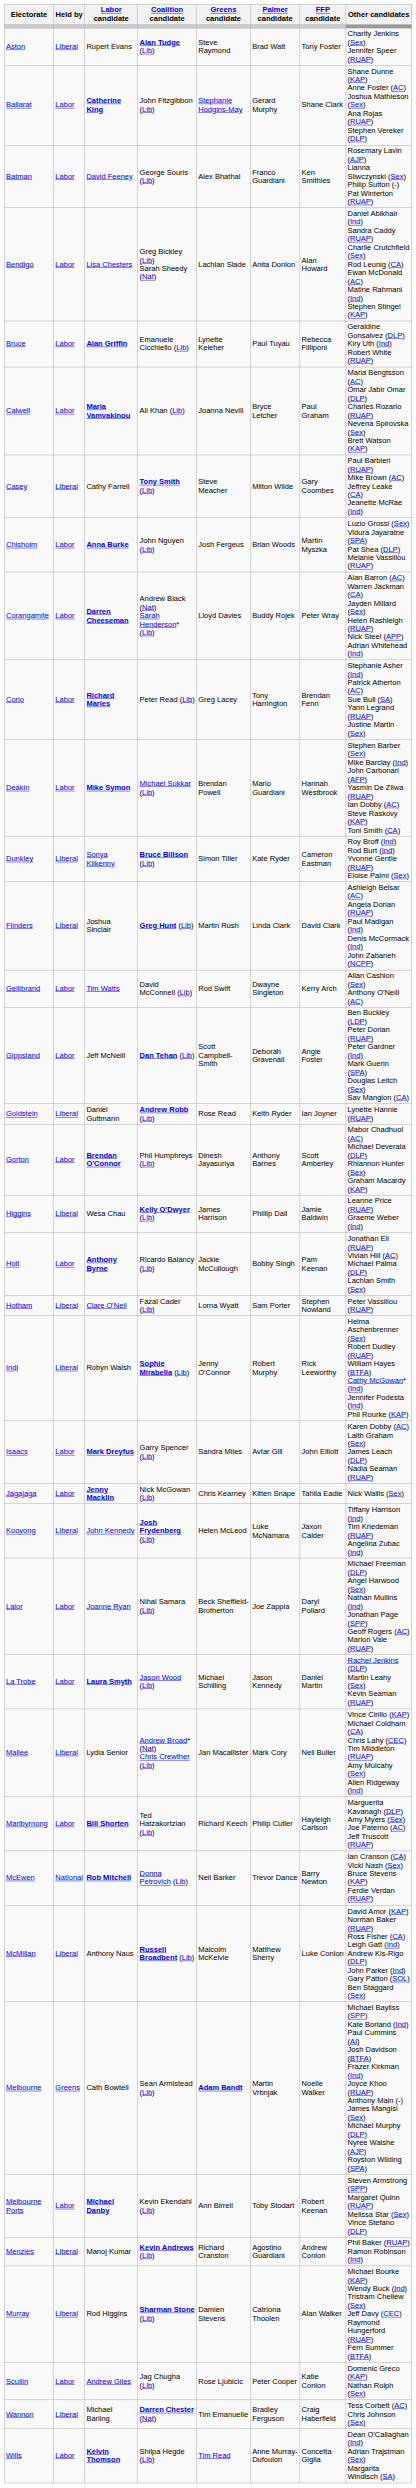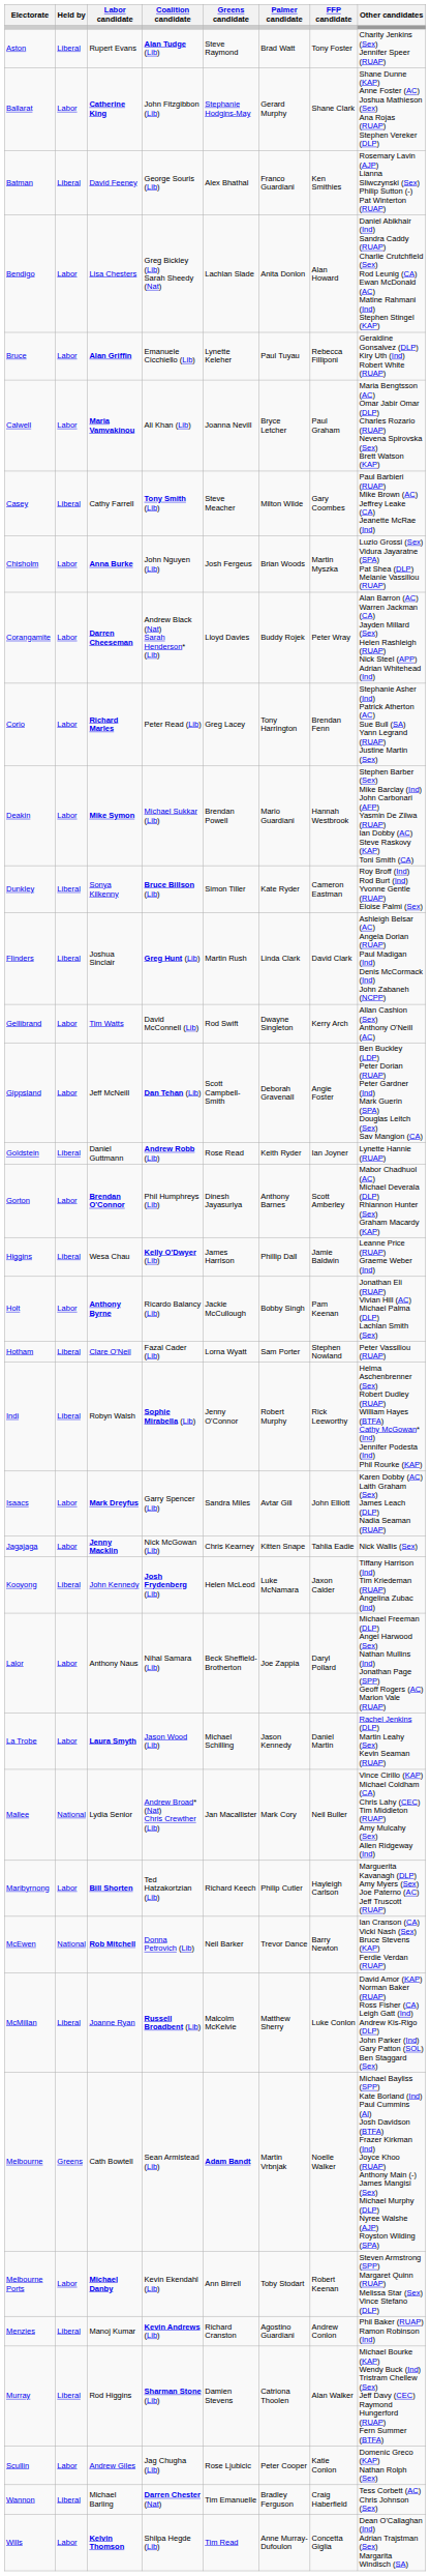 <table class="wikitable">
 <tr>
 <th>Electorate</th>
 <th>Held by</th>
 <th><a href='#'>Labor</a> candidate</th>
 <th><a href='#'>Coalition</a> candidate</th>
 <th><a href='#'>Greens</a> candidate</th>
 <th><a href='#'>Palmer</a> candidate</th>
 <th><a href='#'>FFP</a> candidate</th>
 <th>Other candidates</th>
 </tr>
 <tr style="background:#ccc;">
 <td></td>
 <td></td>
 <td></td>
 <td></td>
 <td></td>
 <td></td>
 <td></td>
 <td style="background:#999;"></td>
 </tr>
 <tr>
 <td><a href='#'>Aston</a></td>
 <td><a href='#'>Liberal</a></td>
 <td>Rupert Evans</td>
 <td><strong><a href='#'>Alan Tudge</a></strong> (<a href='#'>Lib</a>)</td>
 <td>Steve Raymond</td>
 <td>Brad Watt</td>
 <td>Tony Foster</td>
 <td>Charity Jenkins (<a href='#'>Sex</a>) <br> Jennifer Speer (<a href='#'>RUAP</a>)</td>
 </tr>
 <tr>
 <td><a href='#'>Ballarat</a></td>
 <td><a href='#'>Labor</a></td>
 <td><strong><a href='#'>Catherine King</a></strong></td>
 <td>John Fitzgibbon (<a href='#'>Lib</a>)</td>
 <td><a href='#'>Stephanie Hodgins-May</a></td>
 <td>Gerard Murphy</td>
 <td>Shane Clark</td>
 <td>Shane Dunne (<a href='#'>KAP</a>) <br> Anne Foster (<a href='#'>AC</a>) <br> Joshua Mathieson (<a href='#'>Sex</a>) <br> Ana Rojas (<a href='#'>RUAP</a>) <br> Stephen Vereker (<a href='#'>DLP</a>)</td>
 </tr>
 <tr>
 <td><a href='#'>Batman</a></td>
-<td><a href='#'>Labor</a></td>
+<td><a href='#'>Liberal</a></td>
 <td><a href='#'>David Feeney</a></td>
 <td>George Souris (<a href='#'>Lib</a>)</td>
 <td>Alex Bhathal</td>
 <td>Franco Guardiani</td>
 <td>Ken Smithies</td>
 <td>Rosemary Lavin (<a href='#'>AJP</a>) <br> Lianna Sliwczynski (<a href='#'>Sex</a>) <br> Philip Sutton (-) <br> Pat Winterton (<a href='#'>RUAP</a>)</td>
 </tr>
 <tr>
 <td><a href='#'>Bendigo</a></td>
 <td><a href='#'>Labor</a></td>
 <td><a href='#'>Lisa Chesters</a></td>
 <td>Greg Bickley (<a href='#'>Lib</a>) <br> Sarah Sheedy (<a href='#'>Nat</a>)</td>
 <td>Lachlan Slade</td>
 <td>Anita Donlon</td>
 <td>Alan Howard</td>
 <td>Daniel Abikhair (<a href='#'>Ind</a>) <br> Sandra Caddy (<a href='#'>RUAP</a>) <br> Charlie Crutchfield (<a href='#'>Sex</a>) <br> Rod Leunig (<a href='#'>CA</a>) <br> Ewan McDonald (<a href='#'>AC</a>) <br> Matine Rahmani (<a href='#'>Ind</a>) <br> Stephen Stingel (<a href='#'>KAP</a>)</td>
 </tr>
 <tr>
 <td><a href='#'>Bruce</a></td>
 <td><a href='#'>Labor</a></td>
 <td><strong><a href='#'>Alan Griffin</a></strong></td>
 <td>Emanuele Cicchiello (<a href='#'>Lib</a>)</td>
 <td>Lynette Keleher</td>
 <td>Paul Tuyau</td>
 <td>Rebecca Filliponi</td>
 <td>Geraldine Gonsalvez (<a href='#'>DLP</a>) <br> Kiry Uth (<a href='#'>Ind</a>) <br> Robert White (<a href='#'>RUAP</a>)</td>
 </tr>
 <tr>
 <td><a href='#'>Calwell</a></td>
 <td><a href='#'>Labor</a></td>
 <td><strong><a href='#'>Maria Vamvakinou</a></strong></td>
 <td>Ali Khan (<a href='#'>Lib</a>)</td>
 <td>Joanna Nevill</td>
 <td>Bryce Letcher</td>
 <td>Paul Graham</td>
 <td>Maria Bengtsson (<a href='#'>AC</a>) <br> Omar Jabir Omar (<a href='#'>DLP</a>) <br> Charles Rozario (<a href='#'>RUAP</a>) <br> Nevena Spirovska (<a href='#'>Sex</a>) <br> Brett Watson (<a href='#'>KAP</a>)</td>
 </tr>
 <tr>
 <td><a href='#'>Casey</a></td>
 <td><a href='#'>Liberal</a></td>
 <td>Cathy Farrell</td>
 <td><strong><a href='#'>Tony Smith</a></strong> (<a href='#'>Lib</a>)</td>
 <td>Steve Meacher</td>
 <td>Milton Wilde</td>
 <td>Gary Coombes</td>
 <td>Paul Barbieri (<a href='#'>RUAP</a>) <br> Mike Brown (<a href='#'>AC</a>) <br> Jeffrey Leake (<a href='#'>CA</a>) <br> Jeanette McRae (<a href='#'>Ind</a>)</td>
 </tr>
 <tr>
 <td><a href='#'>Chisholm</a></td>
 <td><a href='#'>Labor</a></td>
 <td><strong><a href='#'>Anna Burke</a></strong></td>
 <td>John Nguyen (<a href='#'>Lib</a>)</td>
 <td>Josh Fergeus</td>
 <td>Brian Woods</td>
 <td>Martin Myszka</td>
 <td>Luzio Grossi (<a href='#'>Sex</a>) <br> Vidura Jayaratne (<a href='#'>SPA</a>) <br> Pat Shea (<a href='#'>DLP</a>) <br> Melanie Vassiliou (<a href='#'>RUAP</a>)</td>
 </tr>
 <tr>
 <td><a href='#'>Corangamite</a></td>
 <td><a href='#'>Labor</a></td>
 <td><strong><a href='#'>Darren Cheeseman</a></strong></td>
 <td>Andrew Black (<a href='#'>Nat</a>) <br> <a href='#'>Sarah Henderson</a>* (<a href='#'>Lib</a>)</td>
 <td>Lloyd Davies</td>
 <td>Buddy Rojek</td>
 <td>Peter Wray</td>
 <td>Alan Barron (<a href='#'>AC</a>) <br> Warren Jackman (<a href='#'>CA</a>) <br> Jayden Millard (<a href='#'>Sex</a>) <br> Helen Rashleigh (<a href='#'>RUAP</a>) <br> Nick Steel (<a href='#'>APP</a>) <br> Adrian Whitehead (<a href='#'>Ind</a>)</td>
 </tr>
 <tr>
 <td><a href='#'>Corio</a></td>
 <td><a href='#'>Labor</a></td>
 <td><strong><a href='#'>Richard Marles</a></strong></td>
 <td>Peter Read (<a href='#'>Lib</a>)</td>
 <td>Greg Lacey</td>
 <td>Tony Harrington</td>
 <td>Brendan Fenn</td>
 <td>Stephanie Asher (<a href='#'>Ind</a>) <br> Patrick Atherton (<a href='#'>AC</a>) <br> Sue Bull (<a href='#'>SA</a>) <br> Yann Legrand (<a href='#'>RUAP</a>) <br> Justine Martin (<a href='#'>Sex</a>)</td>
 </tr>
 <tr>
 <td><a href='#'>Deakin</a></td>
 <td><a href='#'>Labor</a></td>
 <td><strong><a href='#'>Mike Symon</a></strong></td>
 <td><a href='#'>Michael Sukkar</a> (<a href='#'>Lib</a>)</td>
 <td>Brendan Powell</td>
 <td>Mario Guardiani</td>
 <td>Hannah Westbrook</td>
 <td>Stephen Barber (<a href='#'>Sex</a>) <br> Mike Barclay (<a href='#'>Ind</a>) <br> John Carbonari (<a href='#'>AFP</a>) <br> Yasmin De Zilwa (<a href='#'>RUAP</a>) <br> Ian Dobby (<a href='#'>AC</a>) <br> Steve Raskovy (<a href='#'>KAP</a>) <br> Toni Smith (<a href='#'>CA</a>)</td>
 </tr>
 <tr>
 <td><a href='#'>Dunkley</a></td>
 <td><a href='#'>Liberal</a></td>
 <td><a href='#'>Sonya Kilkenny</a></td>
 <td><strong><a href='#'>Bruce Billson</a></strong> (<a href='#'>Lib</a>)</td>
 <td>Simon Tiller</td>
 <td>Kate Ryder</td>
 <td>Cameron Eastman</td>
 <td>Roy Broff (<a href='#'>Ind</a>) <br> Rod Burt (<a href='#'>Ind</a>) <br> Yvonne Gentle (<a href='#'>RUAP</a>) <br> Eloise Palmi (<a href='#'>Sex</a>)</td>
 </tr>
 <tr>
 <td><a href='#'>Flinders</a></td>
 <td><a href='#'>Liberal</a></td>
 <td>Joshua Sinclair</td>
 <td><strong><a href='#'>Greg Hunt</a></strong> (<a href='#'>Lib</a>)</td>
 <td>Martin Rush</td>
 <td>Linda Clark</td>
 <td>David Clark</td>
 <td>Ashleigh Belsar (<a href='#'>AC</a>) <br> Angela Dorian (<a href='#'>RUAP</a>) <br> Paul Madigan (<a href='#'>Ind</a>) <br> Denis McCormack (<a href='#'>Ind</a>) <br> John Zabaneh (<a href='#'>NCPP</a>)</td>
 </tr>
 <tr>
 <td><a href='#'>Gellibrand</a></td>
 <td><a href='#'>Labor</a></td>
 <td><a href='#'>Tim Watts</a></td>
 <td>David McConnell (<a href='#'>Lib</a>)</td>
 <td>Rod Swift</td>
 <td>Dwayne Singleton</td>
 <td>Kerry Arch</td>
 <td>Allan Cashion (<a href='#'>Sex</a>) <br> Anthony O'Neill (<a href='#'>AC</a>)</td>
 </tr>
 <tr>
 <td><a href='#'>Gippsland</a></td>
 <td><a href='#'>Labor</a></td>
 <td>Jeff McNeill</td>
 <td><strong><a href='#'>Dan Tehan</a></strong> (<a href='#'>Lib</a>)</td>
 <td>Scott Campbell-Smith</td>
 <td>Deborah Gravenall</td>
 <td>Angie Foster</td>
 <td>Ben Buckley (<a href='#'>LDP</a>) <br> Peter Dorian (<a href='#'>RUAP</a>) <br> Peter Gardner (<a href='#'>Ind</a>) <br> Mark Guerin (<a href='#'>SPA</a>) <br> Douglas Leitch (<a href='#'>Sex</a>) <br> Sav Mangion (<a href='#'>CA</a>)</td>
 </tr>
 <tr>
 <td><a href='#'>Goldstein</a></td>
 <td><a href='#'>Liberal</a></td>
 <td>Daniel Guttmann</td>
 <td><strong><a href='#'>Andrew Robb</a></strong> (<a href='#'>Lib</a>)</td>
 <td>Rose Read</td>
 <td>Keith Ryder</td>
 <td>Ian Joyner</td>
 <td>Lynette Hannie (<a href='#'>RUAP</a>)</td>
 </tr>
 <tr>
 <td><a href='#'>Gorton</a></td>
 <td><a href='#'>Labor</a></td>
 <td><strong><a href='#'>Brendan O'Connor</a></strong></td>
 <td>Phil Humphreys (<a href='#'>Lib</a>)</td>
 <td>Dinesh Jayasuriya</td>
 <td>Anthony Barnes</td>
 <td>Scott Amberley</td>
 <td>Mabor Chadhuol (<a href='#'>AC</a>) <br> Michael Deverala (<a href='#'>DLP</a>) <br> Rhiannon Hunter (<a href='#'>Sex</a>) <br> Graham Macardy (<a href='#'>KAP</a>)</td>
 </tr>
 <tr>
 <td><a href='#'>Higgins</a></td>
 <td><a href='#'>Liberal</a></td>
 <td>Wesa Chau</td>
 <td><strong><a href='#'>Kelly O'Dwyer</a></strong> (<a href='#'>Lib</a>)</td>
 <td>James Harrison</td>
 <td>Phillip Dall</td>
 <td>Jamie Baldwin</td>
 <td>Leanne Price (<a href='#'>RUAP</a>) <br> Graeme Weber (<a href='#'>Ind</a>)</td>
 </tr>
 <tr>
 <td><a href='#'>Holt</a></td>
 <td><a href='#'>Labor</a></td>
 <td><strong><a href='#'>Anthony Byrne</a></strong></td>
 <td>Ricardo Balancy (<a href='#'>Lib</a>)</td>
 <td>Jackie McCullough</td>
 <td>Bobby Singh</td>
 <td>Pam Keenan</td>
 <td>Jonathan Eli (<a href='#'>RUAP</a>) <br> Vivian Hill (<a href='#'>AC</a>) <br> Michael Palma (<a href='#'>DLP</a>) <br> Lachlan Smith (<a href='#'>Sex</a>)</td>
 </tr>
 <tr>
 <td><a href='#'>Hotham</a></td>
 <td><a href='#'>Liberal</a></td>
 <td><a href='#'>Clare O'Neil</a></td>
 <td>Fazal Cader (<a href='#'>Lib</a>)</td>
 <td>Lorna Wyatt</td>
 <td>Sam Porter</td>
 <td>Stephen Nowland</td>
 <td>Peter Vassiliou (<a href='#'>RUAP</a>)</td>
 </tr>
 <tr>
 <td><a href='#'>Indi</a></td>
 <td><a href='#'>Liberal</a></td>
 <td>Robyn Walsh</td>
 <td><strong><a href='#'>Sophie Mirabella</a></strong> (<a href='#'>Lib</a>)</td>
 <td>Jenny O'Connor</td>
 <td>Robert Murphy</td>
 <td>Rick Leeworthy</td>
 <td>Helma Aschenbrenner (<a href='#'>Sex</a>) <br> Robert Dudley (<a href='#'>RUAP</a>) <br> William Hayes (<a href='#'>BTFA</a>) <br> <a href='#'>Cathy McGowan</a>* (<a href='#'>Ind</a>) <br> Jennifer Podesta (<a href='#'>Ind</a>) <br> Phil Rourke (<a href='#'>KAP</a>)</td>
 </tr>
 <tr>
 <td><a href='#'>Isaacs</a></td>
 <td><a href='#'>Labor</a></td>
 <td><strong><a href='#'>Mark Dreyfus</a></strong></td>
 <td>Garry Spencer (<a href='#'>Lib</a>)</td>
 <td>Sandra Miles</td>
 <td>Avtar Gill</td>
 <td>John Elliott</td>
 <td>Karen Dobby (<a href='#'>AC</a>) <br> Laith Graham (<a href='#'>Sex</a>) <br> James Leach (<a href='#'>DLP</a>) <br> Nadia Seaman (<a href='#'>RUAP</a>)</td>
 </tr>
 <tr>
 <td><a href='#'>Jagajaga</a></td>
 <td><a href='#'>Labor</a></td>
 <td><strong><a href='#'>Jenny Macklin</a></strong></td>
 <td>Nick McGowan (<a href='#'>Lib</a>)</td>
 <td>Chris Kearney</td>
 <td>Kitten Snape</td>
 <td>Tahlia Eadie</td>
 <td>Nick Wallis (<a href='#'>Sex</a>)</td>
 </tr>
 <tr>
 <td><a href='#'>Kooyong</a></td>
 <td><a href='#'>Liberal</a></td>
 <td><a href='#'>John Kennedy</a></td>
 <td><strong><a href='#'>Josh Frydenberg</a></strong> (<a href='#'>Lib</a>)</td>
 <td>Helen McLeod</td>
 <td>Luke McNamara</td>
 <td>Jaxon Calder</td>
 <td>Tiffany Harrison (<a href='#'>Ind</a>) <br> Tim Kriedeman (<a href='#'>RUAP</a>) <br> Angelina Zubac (<a href='#'>Ind</a>)</td>
 </tr>
 <tr>
 <td><a href='#'>Lalor</a></td>
 <td><a href='#'>Labor</a></td>
-<td><a href='#'>Joanne Ryan</a></td>
+<td>Anthony Naus</td>
 <td>Nihal Samara (<a href='#'>Lib</a>)</td>
 <td>Beck Sheffield-Brotherton</td>
 <td>Joe Zappia</td>
 <td>Daryl Pollard</td>
 <td>Michael Freeman (<a href='#'>DLP</a>) <br> Angel Harwood (<a href='#'>Sex</a>) <br> Nathan Mullins (<a href='#'>Ind</a>) <br> Jonathan Page (<a href='#'>SPP</a>) <br> Geoff Rogers (<a href='#'>AC</a>) <br> Marion Vale (<a href='#'>RUAP</a>)</td>
 </tr>
 <tr>
 <td><a href='#'>La Trobe</a></td>
 <td><a href='#'>Labor</a></td>
 <td><strong><a href='#'>Laura Smyth</a></strong></td>
 <td><a href='#'>Jason Wood</a> (<a href='#'>Lib</a>)</td>
 <td>Michael Schilling</td>
 <td>Jason Kennedy</td>
 <td>Daniel Martin</td>
 <td><a href='#'>Rachel Jenkins</a> (<a href='#'>DLP</a>) <br> Martin Leahy (<a href='#'>Sex</a>) <br> Kevin Seaman (<a href='#'>RUAP</a>)</td>
 </tr>
 <tr>
 <td><a href='#'>Mallee</a></td>
-<td><a href='#'>Liberal</a></td>
+<td><a href='#'>National</a></td>
 <td>Lydia Senior</td>
 <td><a href='#'>Andrew Broad</a>* (<a href='#'>Nat</a>) <br> <a href='#'>Chris Crewther</a> (<a href='#'>Lib</a>)</td>
 <td>Jan Macallister</td>
 <td>Mark Cory</td>
 <td>Neil Buller</td>
 <td>Vince Cirillo (<a href='#'>KAP</a>) <br> Michael Coldham (<a href='#'>CA</a>) <br> Chris Lahy (<a href='#'>CEC</a>) <br> Tim Middleton (<a href='#'>RUAP</a>) <br> Amy Mulcahy (<a href='#'>Sex</a>) <br> Allen Ridgeway (<a href='#'>Ind</a>)</td>
 </tr>
 <tr>
 <td><a href='#'>Maribyrnong</a></td>
 <td><a href='#'>Labor</a></td>
 <td><strong><a href='#'>Bill Shorten</a></strong></td>
 <td>Ted Hatzakortzian (<a href='#'>Lib</a>)</td>
 <td>Richard Keech</td>
 <td>Philip Cutler</td>
 <td>Hayleigh Carlson</td>
 <td>Marguerita Kavanagh (<a href='#'>DLP</a>) <br> Amy Myers (<a href='#'>Sex</a>) <br> Joe Paterno (<a href='#'>AC</a>) <br> Jeff Truscott (<a href='#'>RUAP</a>)</td>
 </tr>
 <tr>
 <td><a href='#'>McEwen</a></td>
 <td><a href='#'>National</a></td>
 <td><strong><a href='#'>Rob Mitchell</a></strong></td>
 <td><a href='#'>Donna Petrovich</a> (<a href='#'>Lib</a>)</td>
 <td>Neil Barker</td>
 <td>Trevor Dance</td>
 <td>Barry Newton</td>
 <td>Ian Cranson (<a href='#'>CA</a>) <br> Vicki Nash (<a href='#'>Sex</a>) <br> Bruce Stevens (<a href='#'>KAP</a>) <br> Ferdie Verdan (<a href='#'>RUAP</a>)</td>
 </tr>
 <tr>
 <td><a href='#'>McMillan</a></td>
 <td><a href='#'>Liberal</a></td>
-<td>Anthony Naus</td>
+<td><a href='#'>Joanne Ryan</a></td>
 <td><strong><a href='#'>Russell Broadbent</a></strong> (<a href='#'>Lib</a>)</td>
 <td>Malcolm McKelvie</td>
 <td>Matthew Sherry</td>
 <td>Luke Conlon</td>
 <td>David Amor (<a href='#'>KAP</a>) <br> Norman Baker (<a href='#'>RUAP</a>) <br> Ross Fisher (<a href='#'>CA</a>) <br> Leigh Gatt (<a href='#'>Ind</a>) <br> Andrew Kis-Rigo (<a href='#'>DLP</a>) <br> John Parker (<a href='#'>Ind</a>) <br> Gary Patton (<a href='#'>SOL</a>) <br> Ben Staggard (<a href='#'>Sex</a>)</td>
 </tr>
 <tr>
 <td><a href='#'>Melbourne</a></td>
 <td><a href='#'>Greens</a></td>
 <td>Cath Bowtell</td>
 <td>Sean Armistead (<a href='#'>Lib</a>)</td>
 <td><strong><a href='#'>Adam Bandt</a></strong></td>
 <td>Martin Vrbnjak</td>
 <td>Noelle Walker</td>
 <td>Michael Bayliss (<a href='#'>SPP</a>) <br> Kate Borland (<a href='#'>Ind</a>) <br> Paul Cummins (<a href='#'>AI</a>) <br> Josh Davidson (<a href='#'>BTFA</a>) <br> Frazer Kirkman (<a href='#'>Ind</a>) <br> Joyce Khoo (<a href='#'>RUAP</a>) <br> Anthony Main (-) <br> James Mangisi (<a href='#'>Sex</a>) <br> Michael Murphy (<a href='#'>DLP</a>) <br> Nyree Walshe (<a href='#'>AJP</a>) <br> Royston Wilding (<a href='#'>SPA</a>)</td>
 </tr>
 <tr>
 <td><a href='#'>Melbourne Ports</a></td>
 <td><a href='#'>Labor</a></td>
 <td><strong><a href='#'>Michael Danby</a></strong></td>
 <td>Kevin Ekendahl (<a href='#'>Lib</a>)</td>
 <td>Ann Birrell</td>
 <td>Toby Stodart</td>
 <td>Robert Keenan</td>
 <td>Steven Armstrong (<a href='#'>SPP</a>) <br> Margaret Quinn (<a href='#'>RUAP</a>) <br> Melissa Star (<a href='#'>Sex</a>) <br> Vince Stefano (<a href='#'>DLP</a>)</td>
 </tr>
 <tr>
 <td><a href='#'>Menzies</a></td>
 <td><a href='#'>Liberal</a></td>
 <td>Manoj Kumar</td>
 <td><strong><a href='#'>Kevin Andrews</a></strong> (<a href='#'>Lib</a>)</td>
 <td>Richard Cranston</td>
 <td>Agostino Guardiani</td>
 <td>Andrew Conlon</td>
 <td>Phil Baker (<a href='#'>RUAP</a>) <br> Ramon Robinson (<a href='#'>Ind</a>)</td>
 </tr>
 <tr>
 <td><a href='#'>Murray</a></td>
 <td><a href='#'>Liberal</a></td>
 <td>Rod Higgins</td>
 <td><strong><a href='#'>Sharman Stone</a></strong> (<a href='#'>Lib</a>)</td>
 <td>Damien Stevens</td>
 <td>Catriona Thoolen</td>
 <td>Alan Walker</td>
 <td>Michael Bourke (<a href='#'>KAP</a>) <br> Wendy Buck (<a href='#'>Ind</a>) <br> Tristram Chellew (<a href='#'>Sex</a>) <br> Jeff Davy (<a href='#'>CEC</a>) <br> Raymond Hungerford (<a href='#'>RUAP</a>) <br> Fern Summer (<a href='#'>BTFA</a>)</td>
 </tr>
 <tr>
 <td><a href='#'>Scullin</a></td>
 <td><a href='#'>Labor</a></td>
 <td><a href='#'>Andrew Giles</a></td>
 <td>Jag Chugha (<a href='#'>Lib</a>)</td>
 <td>Rose Ljubicic</td>
 <td>Peter Cooper</td>
 <td>Katie Conlon</td>
 <td>Domenic Greco (<a href='#'>KAP</a>) <br> Nathan Rolph (<a href='#'>Sex</a>)</td>
 </tr>
 <tr>
 <td><a href='#'>Wannon</a></td>
 <td><a href='#'>Liberal</a></td>
 <td>Michael Barling</td>
 <td><strong><a href='#'>Darren Chester</a></strong> (<a href='#'>Nat</a>)</td>
 <td>Tim Emanuelle</td>
 <td>Bradley Ferguson</td>
 <td>Craig Haberfield</td>
 <td>Tess Corbett (<a href='#'>AC</a>) <br> Chris Johnson (<a href='#'>Sex</a>)</td>
 </tr>
 <tr>
 <td><a href='#'>Wills</a></td>
 <td><a href='#'>Labor</a></td>
 <td><strong><a href='#'>Kelvin Thomson</a></strong></td>
 <td>Shilpa Hegde (<a href='#'>Lib</a>)</td>
 <td><a href='#'>Tim Read</a></td>
 <td>Anne Murray-Dufoulon</td>
 <td>Concetta Giglia</td>
 <td>Dean O'Callaghan (<a href='#'>Ind</a>) <br> Adrian Trajstman (<a href='#'>Sex</a>) <br> Margarita Windisch (<a href='#'>SA</a>)</td>
 </tr>
 </table>
